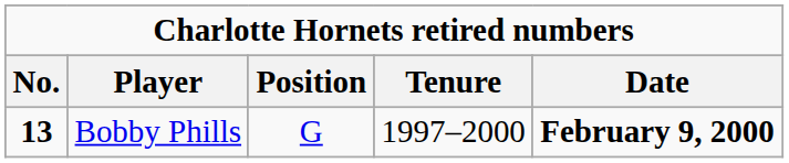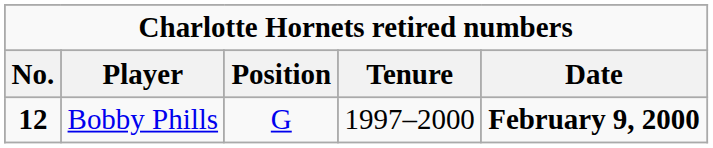 <table class="wikitable sortable" style="text-align:center">
 <tr>
 <td colspan="5"><strong>Charlotte Hornets retired numbers</strong></td>
 </tr>
 <tr>
 <th>No.</th>
 <th>Player</th>
 <th>Position</th>
 <th>Tenure</th>
 <th>Date</th>
 </tr>
 <tr>
-<td><strong>13</strong></td>
+<td><strong>12</strong></td>
 <td><a href='#'>Bobby Phills</a></td>
 <td><a href='#'>G</a></td>
 <td>1997–2000</td>
 <td><strong>February 9, 2000</strong></td>
 </tr>
 </table>
